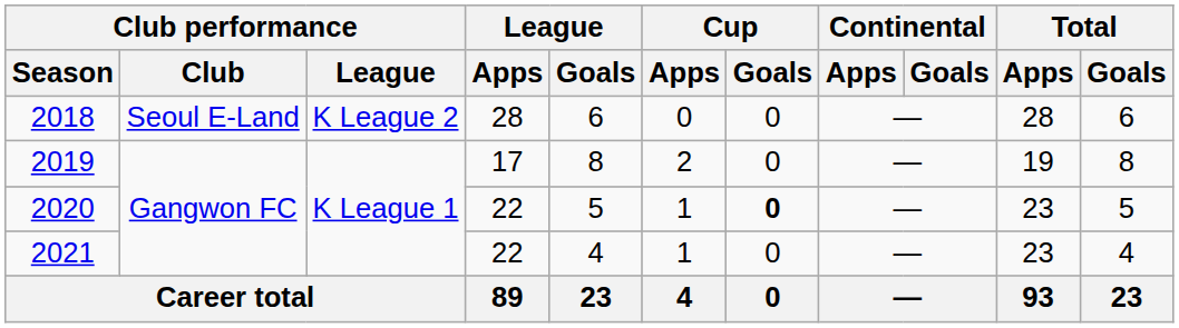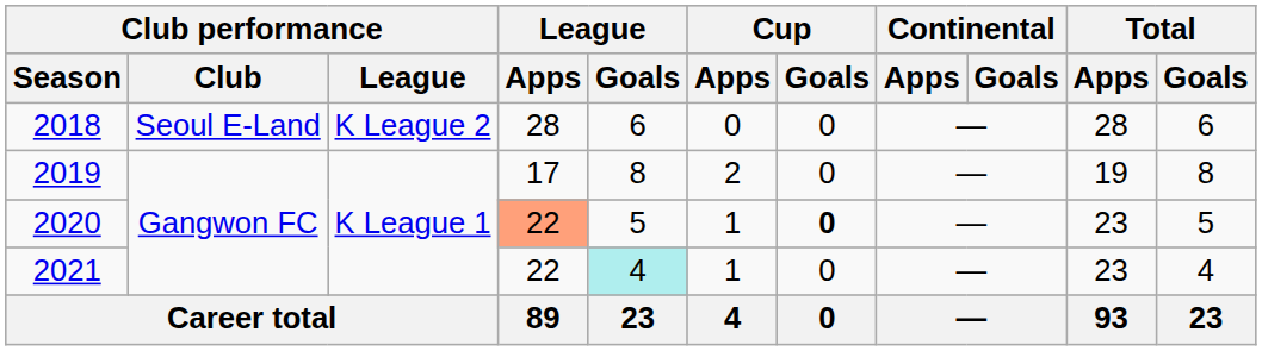 <table class="wikitable" style="text-align:center">
 <tr>
 <th colspan=3>Club performance</th>
 <th colspan=2>League</th>
 <th colspan=2>Cup</th>
 <th colspan=2>Continental</th>
 <th colspan=2>Total</th>
 </tr>
 <tr>
 <th>Season</th>
 <th>Club</th>
 <th>League</th>
 <th>Apps</th>
 <th>Goals</th>
 <th>Apps</th>
 <th>Goals</th>
 <th>Apps</th>
 <th>Goals</th>
 <th>Apps</th>
 <th>Goals</th>
 </tr>
 <tr>
 <td><a href='#'>2018</a></td>
 <td rowspan="1"><a href='#'>Seoul E-Land</a></td>
 <td rowspan="1"><a href='#'>K League 2</a></td>
 <td>28</td>
 <td>6</td>
 <td>0</td>
 <td>0</td>
 <td colspan=2>—</td>
 <td>28</td>
 <td>6</td>
 </tr>
 <tr>
 <td><a href='#'>2019</a></td>
 <td rowspan="3"><a href='#'>Gangwon FC</a></td>
 <td rowspan="3"><a href='#'>K League 1</a></td>
 <td>17</td>
 <td>8</td>
 <td>2</td>
 <td>0</td>
 <td colspan=2>—</td>
 <td>19</td>
 <td>8</td>
 </tr>
 <tr>
 <td><a href='#'>2020</a></td>
-<td>22</td>
+<td style="background: lightsalmon;">22</td>
 <td>5</td>
 <td>1</td>
 <td><strong>0</strong></td>
 <td colspan=2>—</td>
 <td>23</td>
 <td>5</td>
 </tr>
 <tr>
 <td><a href='#'>2021</a></td>
 <td>22</td>
-<td>4</td>
+<td style="background: paleturquoise;">4</td>
 <td>1</td>
 <td>0</td>
 <td colspan=2>—</td>
 <td>23</td>
 <td>4</td>
 </tr>
 <tr>
 <th colspan=3>Career total</th>
 <th>89</th>
 <th>23</th>
 <th>4</th>
 <th>0</th>
 <th colspan=2>—</th>
 <th>93</th>
 <th>23</th>
 </tr>
 </table>
